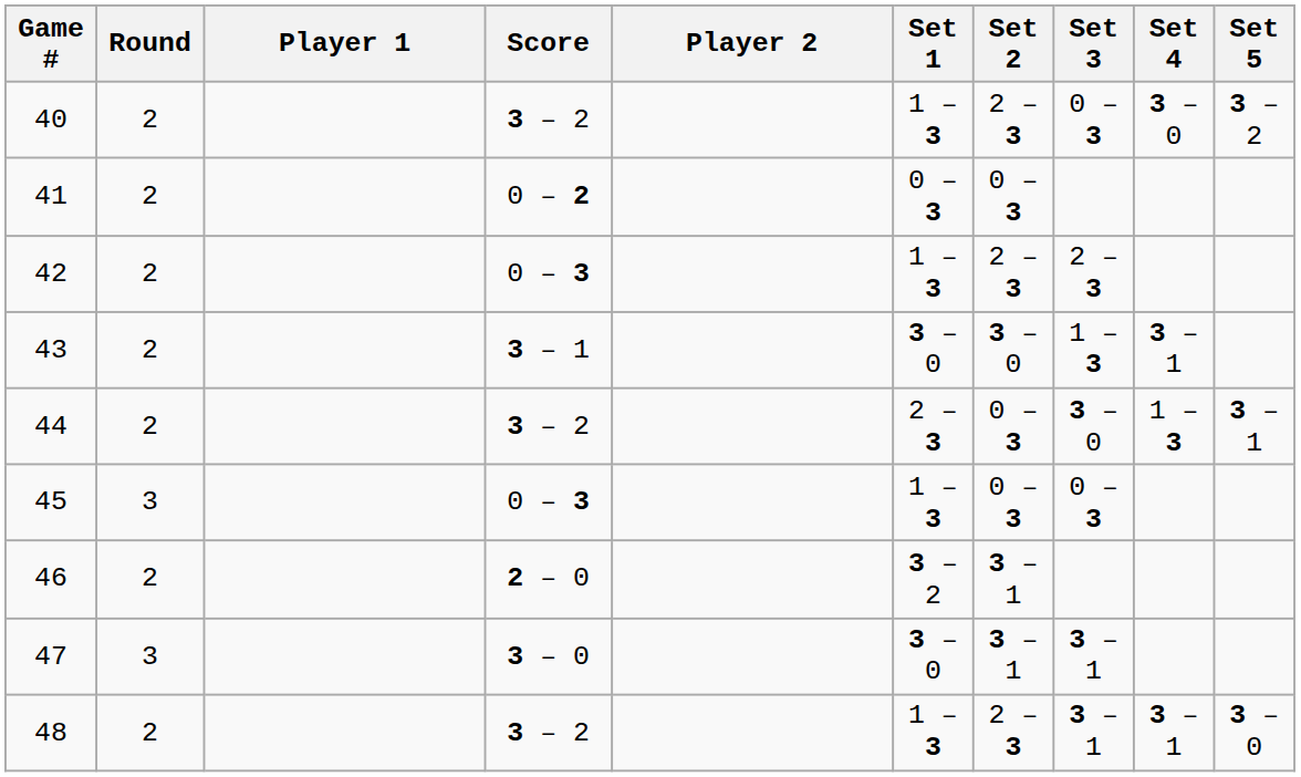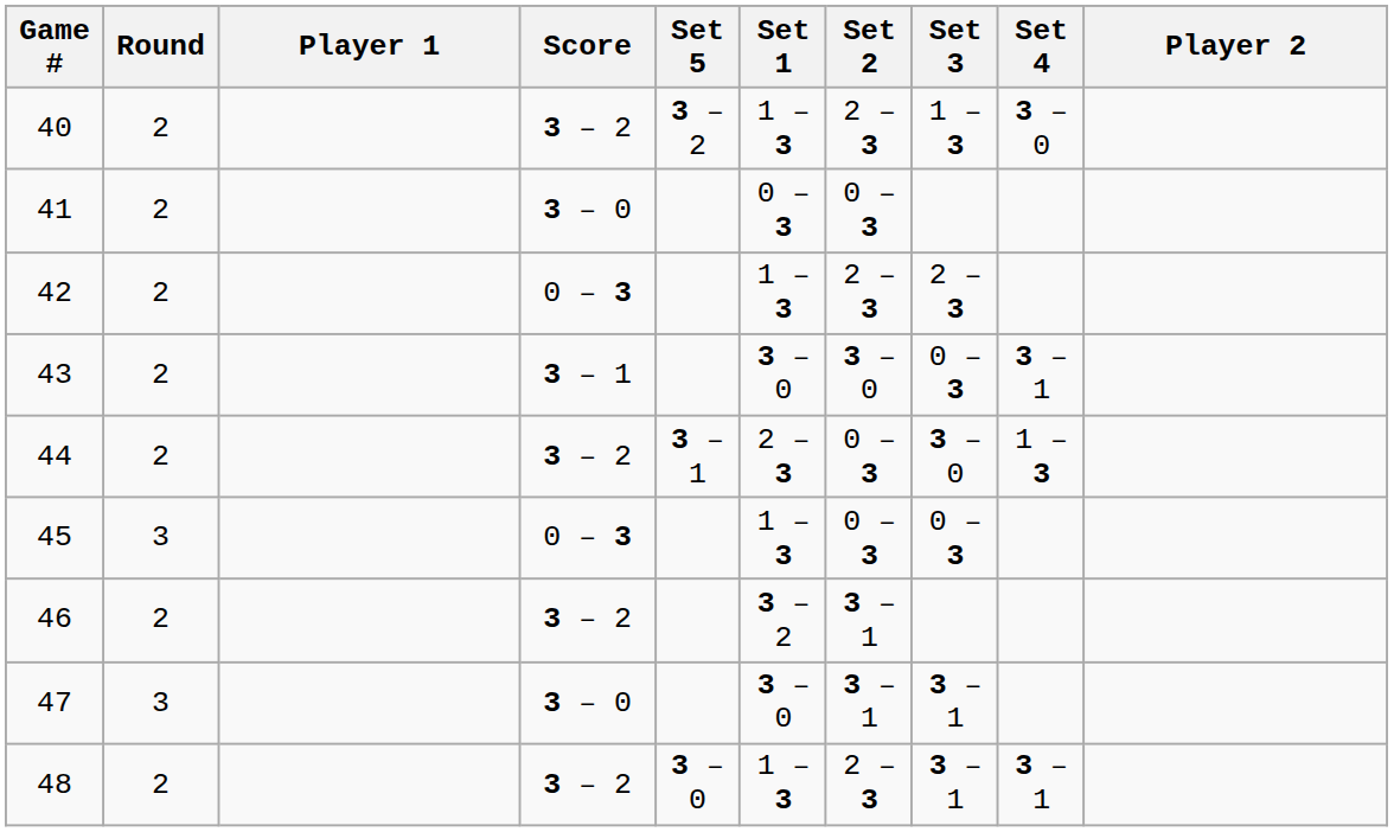 <table class="wikitable">
 <tr>
 <th width="2%">Game #</th>
 <th width="2%">Round</th>
 <th width="15%">Player 1</th>
 <th width="5%">Score</th>
-<th width="15%">Player 2</th>
+<th width="3%">Set 5</th>
 <th width="3%">Set 1</th>
 <th width="3%">Set 2</th>
 <th width="3%">Set 3</th>
 <th width="3%">Set 4</th>
-<th width="3%">Set 5</th>
+<th width="15%">Player 2</th>
 </tr>
 <tr style=text-align:center;"background:#;">
 <td>40</td>
 <td>2</td>
 <td></td>
 <td><strong>3</strong> – 2</td>
-<td></td>
+<td><strong>3</strong> – 2</td>
 <td>1 – <strong>3</strong></td>
 <td>2 – <strong>3</strong></td>
-<td>0 – <strong>3</strong></td>
+<td>1 – <strong>3</strong></td>
 <td><strong>3</strong> – 0</td>
-<td><strong>3</strong> – 2</td>
+<td></td>
 </tr>
 <tr style=text-align:center;"background:#;">
 <td>41</td>
 <td>2</td>
 <td></td>
-<td>0 – <strong>2</strong></td>
+<td><strong>3</strong> – 0</td>
 <td></td>
 <td>0 – <strong>3</strong></td>
 <td>0 – <strong>3</strong></td>
 <td></td>
 <td></td>
 <td></td>
 </tr>
 <tr style=text-align:center;"background:#;">
 <td>42</td>
 <td>2</td>
 <td></td>
 <td>0 – <strong>3</strong></td>
 <td></td>
 <td>1 – <strong>3</strong></td>
 <td>2 – <strong>3</strong></td>
 <td>2 – <strong>3</strong></td>
 <td></td>
 <td></td>
 </tr>
 <tr style=text-align:center;"background:#;">
 <td>43</td>
 <td>2</td>
 <td></td>
 <td><strong>3</strong>  – 1</td>
 <td></td>
 <td><strong>3</strong> – 0</td>
 <td><strong>3</strong> – 0</td>
-<td>1 – <strong>3</strong></td>
+<td>0 – <strong>3</strong></td>
 <td><strong>3</strong> – 1</td>
 <td></td>
 </tr>
 <tr style=text-align:center;"background:#;">
 <td>44</td>
 <td>2</td>
 <td></td>
 <td><strong>3</strong> – 2</td>
-<td></td>
+<td><strong>3</strong> – 1</td>
 <td>2 – <strong>3</strong></td>
 <td>0 – <strong>3</strong></td>
 <td><strong>3</strong> – 0</td>
 <td>1 – <strong>3</strong></td>
-<td><strong>3</strong> – 1</td>
+<td></td>
 </tr>
 <tr style=text-align:center;"background:#;">
 <td>45</td>
 <td>3</td>
 <td></td>
 <td>0 – <strong>3</strong></td>
 <td></td>
 <td>1 – <strong>3</strong></td>
 <td>0 – <strong>3</strong></td>
 <td>0 – <strong>3</strong></td>
 <td></td>
 <td></td>
 </tr>
 <tr style=text-align:center;"background:#;">
 <td>46</td>
 <td>2</td>
 <td></td>
-<td><strong>2</strong> – 0</td>
+<td><strong>3</strong> – 2</td>
 <td></td>
 <td><strong>3</strong> – 2</td>
 <td><strong>3</strong> – 1</td>
 <td></td>
 <td></td>
 <td></td>
 </tr>
 <tr style=text-align:center;"background:#;">
 <td>47</td>
 <td>3</td>
 <td></td>
 <td><strong>3</strong> – 0</td>
 <td></td>
 <td><strong>3</strong> – 0</td>
 <td><strong>3</strong> – 1</td>
 <td><strong>3</strong> – 1</td>
 <td></td>
 <td></td>
 </tr>
 <tr style=text-align:center;"background:#;">
 <td>48</td>
 <td>2</td>
 <td></td>
 <td><strong>3</strong> – 2</td>
-<td></td>
+<td><strong>3</strong> – 0</td>
 <td>1 – <strong>3</strong></td>
 <td>2 – <strong>3</strong></td>
 <td><strong>3</strong> – 1</td>
 <td><strong>3</strong> – 1</td>
-<td><strong>3</strong> – 0</td>
+<td></td>
 </tr>
 </table>
